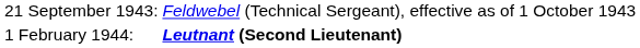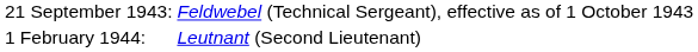 <table>
 <tr>
 <td>21 September 1943:</td>
 <td><em><a href='#'>Feldwebel</a></em> (Technical Sergeant), effective as of 1 October 1943</td>
 </tr>
 <tr>
 <td>1 February 1944:</td>
-<td><strong><em><a href='#'>Leutnant</a></em> (Second Lieutenant)</strong></td>
+<td><em><a href='#'>Leutnant</a></em> (Second Lieutenant)</td>
 </tr>
 </table>
